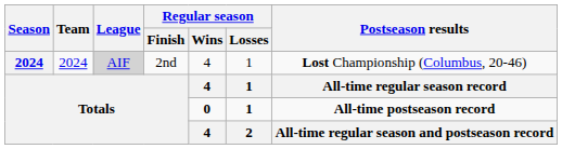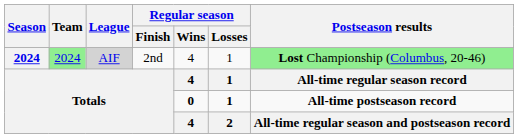 <table class="wikitable" style="text-align:center; font-size: 95%;">
 <tr>
 <th rowspan="2"><a href='#'>Season</a></th>
 <th rowspan="2">Team</th>
 <th rowspan="2"><a href='#'>League</a></th>
 <th colspan="3"><a href='#'>Regular season</a></th>
 <th rowspan="2"><a href='#'>Postseason</a> results</th>
 </tr>
 <tr>
 <th>Finish</th>
 <th>Wins</th>
 <th>Losses</th>
 </tr>
 <tr>
 <th><a href='#'>2024</a></th>
-<td><a href='#'>2024</a></td>
+<td style="background: lightgreen;"><a href='#'>2024</a></td>
 <td style="background: lightgrey;"><a href='#'>AIF</a></td>
 <td>2nd</td>
 <td>4</td>
 <td>1</td>
-<td><strong>Lost</strong> Championship (<a href='#'>Columbus</a>, 20-46)</td>
+<td style="background: lightgreen;"><strong>Lost</strong> Championship (<a href='#'>Columbus</a>, 20-46)</td>
 </tr>
 <tr>
 <th rowspan="3" colspan="4">Totals</th>
 <th>4</th>
 <th>1</th>
 <th>All-time regular season record</th>
 </tr>
 <tr>
 <td><strong>0</strong></td>
 <td><strong>1</strong></td>
 <td><strong>All-time postseason record</strong></td>
 </tr>
 <tr>
 <th>4</th>
 <th>2</th>
 <th>All-time regular season and postseason record</th>
 </tr>
 </table>
